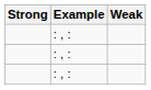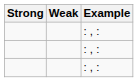 <table class="wikitable">
 <tr>
 <th>Strong</th>
+<th>Weak</th>
 <th>Example</th>
-<th>Weak</th>
 </tr>
 <tr>
 <td></td>
+<td></td>
 <td> : ,  : </td>
-<td></td>
 </tr>
 <tr>
 <td></td>
+<td></td>
 <td> : ,  : </td>
-<td></td>
 </tr>
 <tr>
 <td></td>
+<td></td>
 <td> : ,  : </td>
-<td></td>
 </tr>
 </table>
